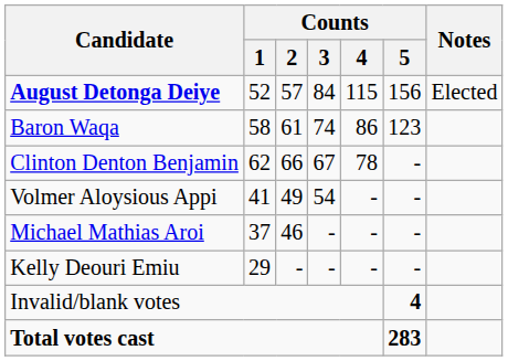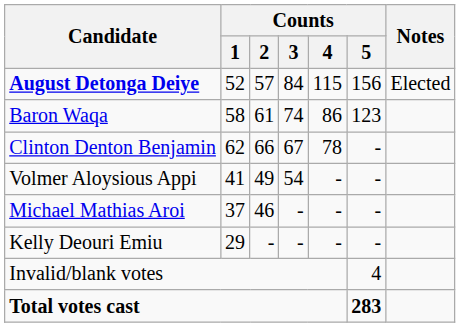 <table class=wikitable style=text-align:right>
 <tr>
 <th rowspan=2>Candidate</th>
 <th colspan=5>Counts</th>
 <th rowspan=2>Notes</th>
 </tr>
 <tr>
 <th>1</th>
 <th>2</th>
 <th>3</th>
 <th>4</th>
 <th>5</th>
 </tr>
 <tr>
 <td align=left><strong><a href='#'>August Detonga Deiye</a></strong></td>
 <td>52</td>
 <td>57</td>
 <td>84</td>
 <td>115</td>
 <td>156</td>
 <td align=left>Elected</td>
 </tr>
 <tr>
 <td align=left><a href='#'>Baron Waqa</a></td>
 <td>58</td>
 <td>61</td>
 <td>74</td>
 <td>86</td>
 <td>123</td>
 <td align=left></td>
 </tr>
 <tr>
 <td align=left><a href='#'>Clinton Denton Benjamin</a></td>
 <td>62</td>
 <td>66</td>
 <td>67</td>
 <td>78</td>
 <td>-</td>
 <td align=left></td>
 </tr>
 <tr>
 <td align=left>Volmer Aloysious Appi</td>
 <td>41</td>
 <td>49</td>
 <td>54</td>
 <td>-</td>
 <td>-</td>
 <td align=left></td>
 </tr>
 <tr>
 <td align=left><a href='#'>Michael Mathias Aroi</a></td>
 <td>37</td>
 <td>46</td>
 <td>-</td>
 <td>-</td>
 <td>-</td>
 <td align=left></td>
 </tr>
 <tr>
 <td align=left>Kelly Deouri Emiu</td>
 <td>29</td>
 <td>-</td>
 <td>-</td>
 <td>-</td>
 <td>-</td>
 <td align=left></td>
 </tr>
 <tr>
 <td align=left colspan=5>Invalid/blank votes</td>
-<td><strong>4</strong></td>
+<td>4</td>
 <td></td>
 </tr>
 <tr>
 <td align=left colspan=5><strong>Total votes cast</strong></td>
 <td><strong>283</strong></td>
 <td></td>
 </tr>
 </table>
